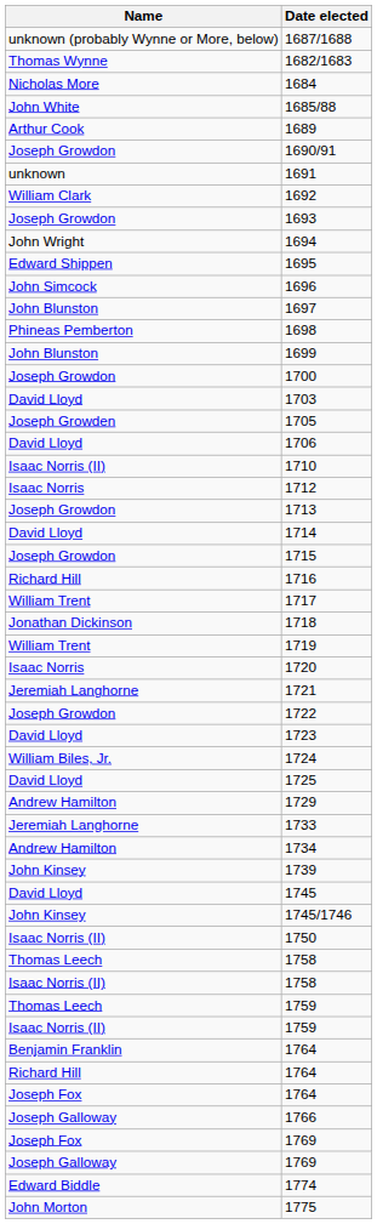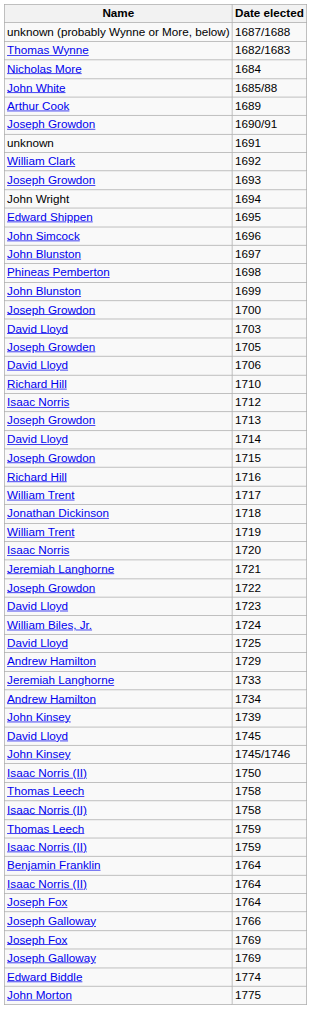 <table class="wikitable">
 <tr>
 <th>Name</th>
 <th>Date elected</th>
 </tr>
 <tr>
 <td>unknown (probably Wynne or More, below)</td>
 <td>1687/1688</td>
 </tr>
 <tr>
 <td><a href='#'>Thomas Wynne</a></td>
 <td>1682/1683</td>
 </tr>
 <tr>
 <td><a href='#'>Nicholas More</a></td>
 <td>1684</td>
 </tr>
 <tr>
 <td><a href='#'>John White</a></td>
 <td>1685/88</td>
 </tr>
 <tr>
 <td><a href='#'>Arthur Cook</a></td>
 <td>1689</td>
 </tr>
 <tr>
 <td><a href='#'>Joseph Growdon</a></td>
 <td>1690/91</td>
 </tr>
 <tr>
 <td>unknown</td>
 <td>1691</td>
 </tr>
 <tr>
 <td><a href='#'>William Clark</a></td>
 <td>1692</td>
 </tr>
 <tr>
 <td><a href='#'>Joseph Growdon</a></td>
 <td>1693</td>
 </tr>
 <tr>
 <td>John Wright</td>
 <td>1694</td>
 </tr>
 <tr>
 <td><a href='#'>Edward Shippen</a></td>
 <td>1695</td>
 </tr>
 <tr>
 <td><a href='#'>John Simcock</a></td>
 <td>1696</td>
 </tr>
 <tr>
 <td><a href='#'>John Blunston</a></td>
 <td>1697</td>
 </tr>
 <tr>
 <td><a href='#'>Phineas Pemberton</a></td>
 <td>1698</td>
 </tr>
 <tr>
 <td><a href='#'>John Blunston</a></td>
 <td>1699</td>
 </tr>
 <tr>
 <td><a href='#'>Joseph Growdon</a></td>
 <td>1700</td>
 </tr>
 <tr>
 <td><a href='#'>David Lloyd</a></td>
 <td>1703</td>
 </tr>
 <tr>
 <td><a href='#'>Joseph Growden</a></td>
 <td>1705</td>
 </tr>
 <tr>
 <td><a href='#'>David Lloyd</a></td>
 <td>1706</td>
 </tr>
 <tr>
-<td><a href='#'>Isaac Norris (II)</a></td>
+<td><a href='#'>Richard Hill</a></td>
 <td>1710</td>
 </tr>
 <tr>
 <td><a href='#'>Isaac Norris</a></td>
 <td>1712</td>
 </tr>
 <tr>
 <td><a href='#'>Joseph Growdon</a></td>
 <td>1713</td>
 </tr>
 <tr>
 <td><a href='#'>David Lloyd</a></td>
 <td>1714</td>
 </tr>
 <tr>
 <td><a href='#'>Joseph Growdon</a></td>
 <td>1715</td>
 </tr>
 <tr>
 <td><a href='#'>Richard Hill</a></td>
 <td>1716</td>
 </tr>
 <tr>
 <td><a href='#'>William Trent</a></td>
 <td>1717</td>
 </tr>
 <tr>
 <td><a href='#'>Jonathan Dickinson</a></td>
 <td>1718</td>
 </tr>
 <tr>
 <td><a href='#'>William Trent</a></td>
 <td>1719</td>
 </tr>
 <tr>
 <td><a href='#'>Isaac Norris</a></td>
 <td>1720</td>
 </tr>
 <tr>
 <td><a href='#'>Jeremiah Langhorne</a></td>
 <td>1721</td>
 </tr>
 <tr>
 <td><a href='#'>Joseph Growdon</a></td>
 <td>1722</td>
 </tr>
 <tr>
 <td><a href='#'>David Lloyd</a></td>
 <td>1723</td>
 </tr>
 <tr>
 <td><a href='#'>William Biles, Jr.</a></td>
 <td>1724</td>
 </tr>
 <tr>
 <td><a href='#'>David Lloyd</a></td>
 <td>1725</td>
 </tr>
 <tr>
 <td><a href='#'>Andrew Hamilton</a></td>
 <td>1729</td>
 </tr>
 <tr>
 <td><a href='#'>Jeremiah Langhorne</a></td>
 <td>1733</td>
 </tr>
 <tr>
 <td><a href='#'>Andrew Hamilton</a></td>
 <td>1734</td>
 </tr>
 <tr>
 <td><a href='#'>John Kinsey</a></td>
 <td>1739</td>
 </tr>
 <tr>
 <td><a href='#'>David Lloyd</a></td>
 <td>1745</td>
 </tr>
 <tr>
 <td><a href='#'>John Kinsey</a></td>
 <td>1745/1746</td>
 </tr>
 <tr>
 <td><a href='#'>Isaac Norris (II)</a></td>
 <td>1750</td>
 </tr>
 <tr>
 <td><a href='#'>Thomas Leech</a></td>
 <td>1758</td>
 </tr>
 <tr>
 <td><a href='#'>Isaac Norris (II)</a></td>
 <td>1758</td>
 </tr>
 <tr>
 <td><a href='#'>Thomas Leech</a></td>
 <td>1759</td>
 </tr>
 <tr>
 <td><a href='#'>Isaac Norris (II)</a></td>
 <td>1759</td>
 </tr>
 <tr>
 <td><a href='#'>Benjamin Franklin</a></td>
 <td>1764</td>
 </tr>
 <tr>
-<td><a href='#'>Richard Hill</a></td>
+<td><a href='#'>Isaac Norris (II)</a></td>
 <td>1764</td>
 </tr>
 <tr>
 <td><a href='#'>Joseph Fox</a></td>
 <td>1764</td>
 </tr>
 <tr>
 <td><a href='#'>Joseph Galloway</a></td>
 <td>1766</td>
 </tr>
 <tr>
 <td><a href='#'>Joseph Fox</a></td>
 <td>1769</td>
 </tr>
 <tr>
 <td><a href='#'>Joseph Galloway</a></td>
 <td>1769</td>
 </tr>
 <tr>
 <td><a href='#'>Edward Biddle</a></td>
 <td>1774</td>
 </tr>
 <tr>
 <td><a href='#'>John Morton</a></td>
 <td>1775</td>
 </tr>
 </table>
